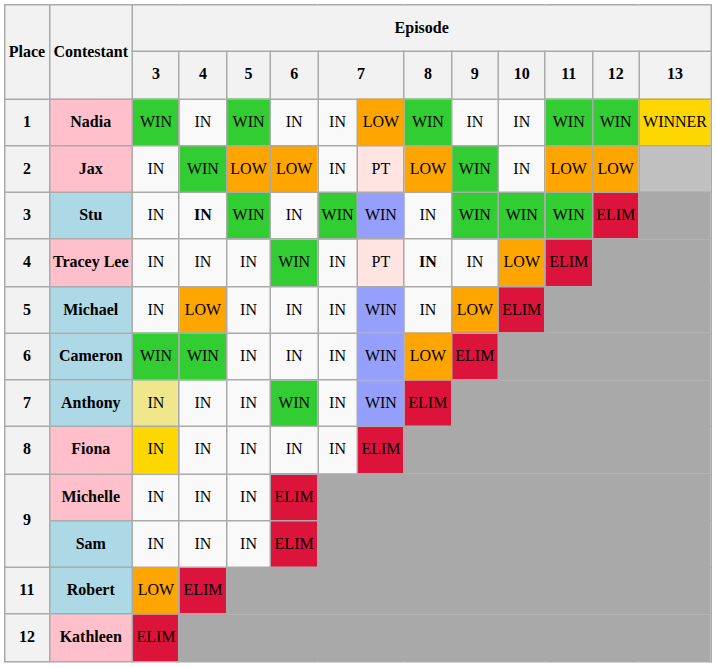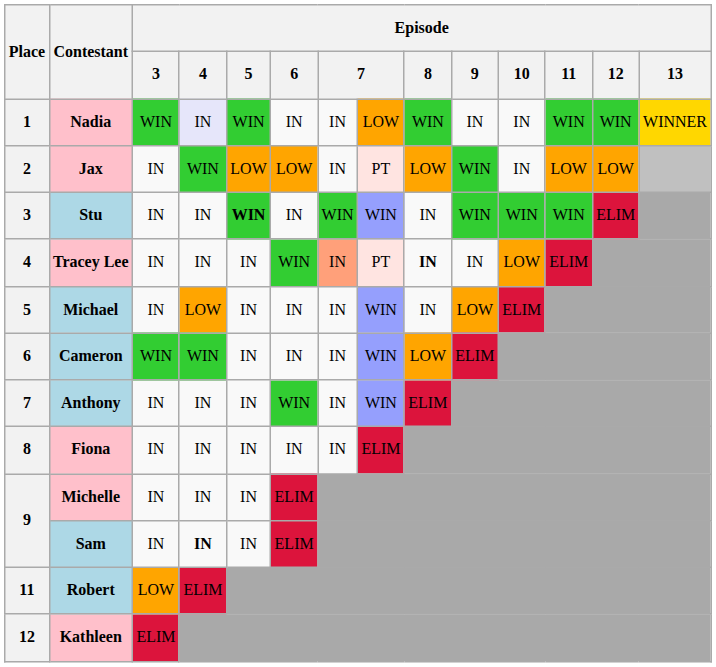 <table class="wikitable" style="text-align: center; font-size: 8pt; line-height:26px;">
 <tr>
 <th rowspan="2">Place</th>
 <th rowspan="2">Contestant</th>
 <th colspan="12">Episode</th>
 </tr>
 <tr>
 <th>3</th>
 <th>4</th>
 <th>5</th>
 <th>6</th>
 <th colspan=2>7</th>
 <th>8</th>
 <th>9</th>
 <th>10</th>
 <th>11</th>
 <th>12</th>
 <th>13</th>
 </tr>
 <tr>
 <th>1</th>
 <th Style="background:pink;">Nadia</th>
 <td style="background:limegreen;">WIN</td>
-<td>IN</td>
+<td style="background: lavender;">IN</td>
 <td style="background:limegreen;">WIN</td>
 <td>IN</td>
 <td>IN</td>
 <td style="background:orange;">LOW</td>
 <td style="background:limegreen;">WIN</td>
 <td>IN</td>
 <td>IN</td>
 <td style="background:limegreen;">WIN</td>
 <td style="background:limegreen">WIN</td>
 <td style="background:gold">WINNER</td>
 </tr>
 <tr>
 <th>2</th>
 <th Style="background:pink;">Jax</th>
 <td>IN</td>
 <td style="background:limegreen;">WIN</td>
 <td style="background:orange;">LOW</td>
 <td style="background:orange;">LOW</td>
 <td>IN</td>
 <td style="background:mistyrose">PT</td>
 <td style="background:orange">LOW</td>
 <td style="background:limegreen;">WIN</td>
 <td>IN</td>
 <td style="background:orange">LOW</td>
 <td style="background:orange">LOW</td>
 <td style="background:silver;"></td>
 </tr>
 <tr>
 <th>3</th>
 <th style="background:lightblue;">Stu</th>
 <td>IN</td>
-<td><strong>IN</strong></td>
-<td style="background:limegreen;">WIN</td>
+<td>IN</td>
+<td style="background:limegreen;"><strong>WIN</strong></td>
 <td>IN</td>
 <td style="background:limegreen">WIN</td>
 <td style="background:#959FFD">WIN</td>
 <td>IN</td>
 <td style="background:limegreen;">WIN</td>
 <td style="background:limegreen">WIN</td>
 <td style="background:limegreen">WIN</td>
 <td style="background:crimson;">ELIM</td>
 <td colspan="7" style="background:darkgrey"></td>
 </tr>
 <tr>
 <th>4</th>
 <th style="background:pink;">Tracey Lee</th>
 <td>IN</td>
 <td>IN</td>
 <td>IN</td>
 <td style="background:limegreen;">WIN</td>
-<td>IN</td>
+<td style="background: lightsalmon;">IN</td>
 <td style="background:mistyrose">PT</td>
 <td><strong>IN</strong></td>
 <td>IN</td>
 <td style="background:orange">LOW</td>
 <td style="background:crimson;">ELIM</td>
 <td colspan="7" style="background:darkgrey"></td>
 </tr>
 <tr>
 <th>5</th>
 <th style="background:lightblue;">Michael</th>
 <td>IN</td>
 <td style="background:orange;">LOW</td>
 <td>IN</td>
 <td>IN</td>
 <td>IN</td>
 <td style="background:#959FFD">WIN</td>
 <td>IN</td>
 <td style="background:orange">LOW</td>
 <td style="background:crimson;">ELIM</td>
 <td colspan="7" style="background:darkgrey"></td>
 </tr>
 <tr>
 <th>6</th>
 <th style="background:lightblue;">Cameron</th>
 <td style="background:limegreen;">WIN</td>
 <td style="background:limegreen;">WIN</td>
 <td>IN</td>
 <td>IN</td>
 <td>IN</td>
 <td style="background:#959FFD">WIN</td>
 <td style="background:orange">LOW</td>
 <td style="background:crimson;">ELIM</td>
 <td colspan="7" style="background:darkgrey"></td>
 </tr>
 <tr>
 <th>7</th>
 <th style="background:lightblue;">Anthony</th>
-<td style="background: khaki;">IN</td>
+<td>IN</td>
 <td>IN</td>
 <td>IN</td>
 <td style="background:limegreen">WIN</td>
 <td>IN</td>
 <td style="background:#959FFD">WIN</td>
 <td style="background:crimson;">ELIM</td>
 <td colspan="7" style="background:darkgrey"></td>
 </tr>
 <tr>
 <th>8</th>
 <th style="background:pink;">Fiona</th>
-<td style="background: gold;">IN</td>
+<td>IN</td>
 <td>IN</td>
 <td>IN</td>
 <td>IN</td>
 <td>IN</td>
 <td style="background:crimson;">ELIM</td>
 <td colspan="8" style="background:darkgrey"></td>
 </tr>
 <tr>
 <th rowspan="2">9</th>
 <th style="background:pink;">Michelle</th>
 <td>IN</td>
 <td>IN</td>
 <td>IN</td>
 <td style="background:crimson;">ELIM</td>
 <td colspan="9" style="background:darkgrey"></td>
 </tr>
 <tr>
 <th style="background:lightblue;">Sam</th>
 <td>IN</td>
-<td>IN</td>
+<td><strong>IN</strong></td>
 <td>IN</td>
 <td style="background:crimson;">ELIM</td>
 <td colspan="9" style="background:darkgrey"></td>
 </tr>
 <tr>
 <th>11</th>
 <th style="background:lightblue;">Robert</th>
 <td style="background:orange;">LOW</td>
 <td style="background:crimson;">ELIM</td>
 <td colspan="10" style="background:darkgrey"></td>
 </tr>
 <tr>
 <th>12</th>
 <th style="background:pink;">Kathleen</th>
 <td style="background:crimson;">ELIM</td>
 <td colspan="11" style="background:darkgrey"></td>
 </tr>
 </table>
